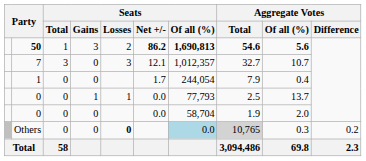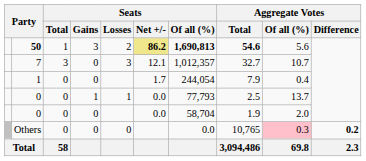 <table class="wikitable sortable" style="text-align:right; font-size:95%;">
 <tr>
 <th colspan="2" rowspan="2">Party</th>
 <th colspan="5">Seats</th>
 <th colspan="3">Aggregate Votes</th>
 </tr>
 <tr>
 <th>Total</th>
 <th>Gains</th>
 <th>Losses</th>
 <th>Net +/-</th>
 <th>Of all (%)</th>
 <th>Total</th>
 <th>Of all (%)</th>
 <th>Difference</th>
 </tr>
 <tr>
 <td></td>
 <td><strong>50</strong></td>
 <td>1</td>
 <td>3</td>
 <td>2</td>
-<td><strong>86.2</strong></td>
+<td style="background: khaki;"><strong>86.2</strong></td>
 <td><strong>1,690,813</strong></td>
 <td><strong>54.6</strong></td>
-<td><strong>5.6</strong></td>
+<td>5.6</td>
 </tr>
 <tr>
 <td></td>
 <td>7</td>
 <td>3</td>
 <td>0</td>
 <td>3</td>
 <td>12.1</td>
 <td>1,012,357</td>
 <td>32.7</td>
 <td>10.7</td>
 </tr>
 <tr>
 <td></td>
 <td>1</td>
 <td>0</td>
 <td>0</td>
 <td></td>
 <td>1.7</td>
 <td>244,054</td>
 <td>7.9</td>
 <td>0.4</td>
 </tr>
 <tr>
 <td></td>
 <td>0</td>
 <td>0</td>
 <td>1</td>
 <td>1</td>
 <td>0.0</td>
 <td>77,793</td>
 <td>2.5</td>
 <td>13.7</td>
 </tr>
 <tr>
 <td></td>
 <td>0</td>
 <td>0</td>
 <td>0</td>
 <td></td>
 <td>0.0</td>
 <td>58,704</td>
 <td>1.9</td>
 <td>2.0</td>
 </tr>
 <tr>
 <td style="background:silver;"> </td>
 <td align=left>Others</td>
 <td>0</td>
 <td>0</td>
-<td><strong>0</strong></td>
+<td>0</td>
 <td></td>
-<td style="background: lightblue;">0.0</td>
-<td style="background: lightgrey;">10,765</td>
-<td>0.3</td>
-<td>0.2</td>
+<td>0.0</td>
+<td>10,765</td>
+<td style="background: pink;">0.3</td>
+<td><strong>0.2</strong></td>
 </tr>
 <tr class="sortbottom">
 <th colspan="2" style="background:#f2f2f2">Total</th>
 <td style="background:#f2f2f2;"><strong>58</strong></td>
 <td style="background:#f2f2f2;"></td>
 <td style="background:#f2f2f2;"></td>
 <td style="background:#f2f2f2;"></td>
 <td style="background:#f2f2f2;"></td>
 <td style="background:#f2f2f2;"><strong>3,094,486</strong></td>
 <td style="background:#f2f2f2;"><strong>69.8</strong></td>
 <td style="background:#f2f2f2;"><strong>2.3</strong></td>
 </tr>
 </table>
